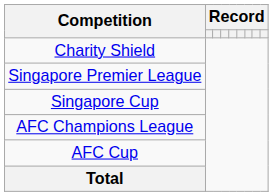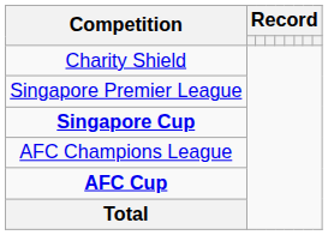 <table class="wikitable" style="text-align: center">
 <tr>
 <th rowspan=2>Competition</th>
 <th colspan=8>Record</th>
 </tr>
 <tr>
 <th></th>
 <th></th>
 <th></th>
 <th></th>
 <th></th>
 <th></th>
 <th></th>
 <th></th>
 </tr>
 <tr>
 <td><a href='#'>Charity Shield</a><br></td>
 </tr>
 <tr>
 <td><a href='#'>Singapore Premier League</a><br></td>
 </tr>
 <tr>
-<td><a href='#'>Singapore Cup</a><br></td>
+<td><strong><a href='#'>Singapore Cup</a><br></strong></td>
 </tr>
 <tr>
 <td><a href='#'>AFC Champions League</a><br></td>
 </tr>
 <tr>
-<td><a href='#'>AFC Cup</a><br></td>
+<td><strong><a href='#'>AFC Cup</a><br></strong></td>
 </tr>
 <tr>
 <th>Total<br></th>
 </tr>
 </table>
